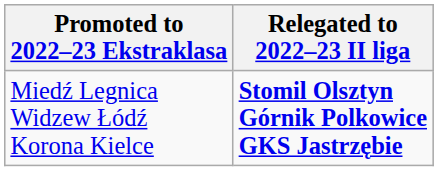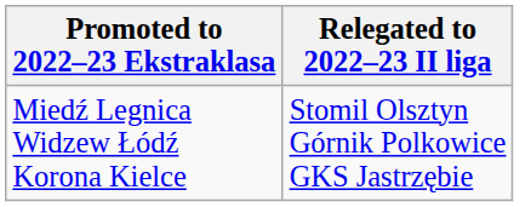 <table class="wikitable">
 <tr>
 <th>Promoted to<br><a href='#'>2022–23 Ekstraklasa</a></th>
 <th>Relegated to<br><a href='#'>2022–23 II liga</a></th>
 </tr>
 <tr>
 <td> <a href='#'>Miedź Legnica</a><br> <a href='#'>Widzew Łódź</a><br> <a href='#'>Korona Kielce</a></td>
-<td><strong> <a href='#'>Stomil Olsztyn</a><br> <a href='#'>Górnik Polkowice</a><br> <a href='#'>GKS Jastrzębie</a></strong></td>
+<td> <a href='#'>Stomil Olsztyn</a><br> <a href='#'>Górnik Polkowice</a><br> <a href='#'>GKS Jastrzębie</a></td>
 </tr>
 </table>
